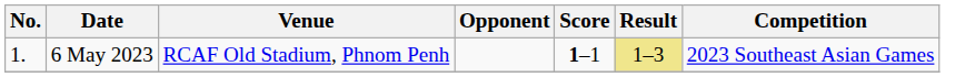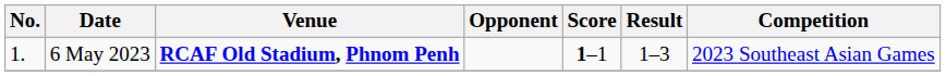 <table class="wikitable sortable">
 <tr>
 <th scope="col">No.</th>
 <th scope="col">Date</th>
 <th scope="col">Venue</th>
 <th scope="col">Opponent</th>
 <th scope="col">Score</th>
 <th scope="col">Result</th>
 <th scope="col">Competition</th>
 </tr>
 <tr>
 <td>1.</td>
 <td>6 May 2023</td>
-<td><a href='#'>RCAF Old Stadium</a>, <a href='#'>Phnom Penh</a></td>
+<td><strong><a href='#'>RCAF Old Stadium</a>, <a href='#'>Phnom Penh</a></strong></td>
 <td></td>
 <td align=center><strong>1</strong>–1</td>
-<td align=center style="background: khaki;">1–3</td>
+<td align=center>1–3</td>
 <td><a href='#'>2023 Southeast Asian Games</a></td>
 </tr>
 <tr>
 </tr>
 </table>
